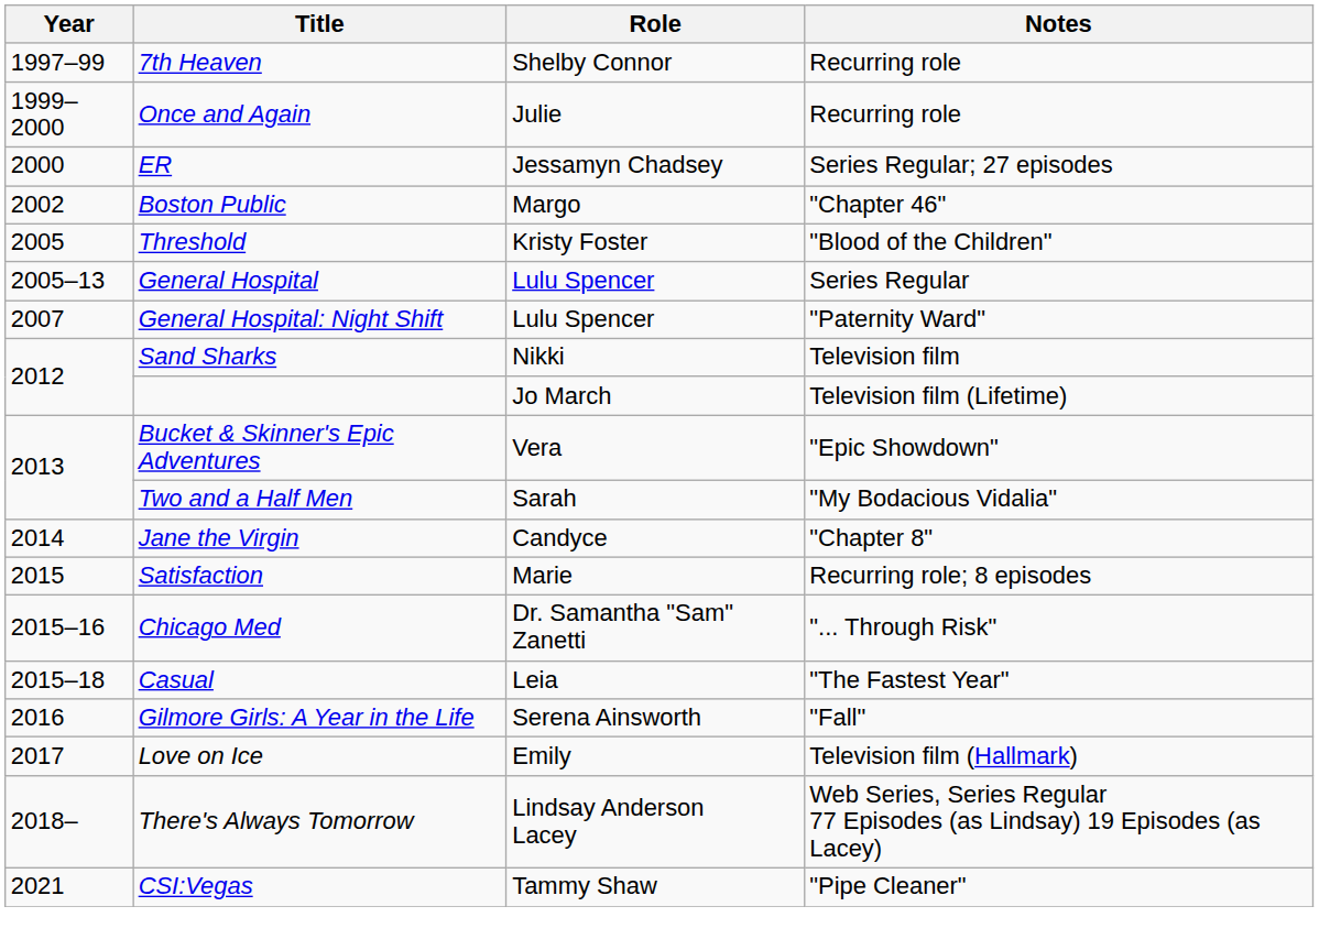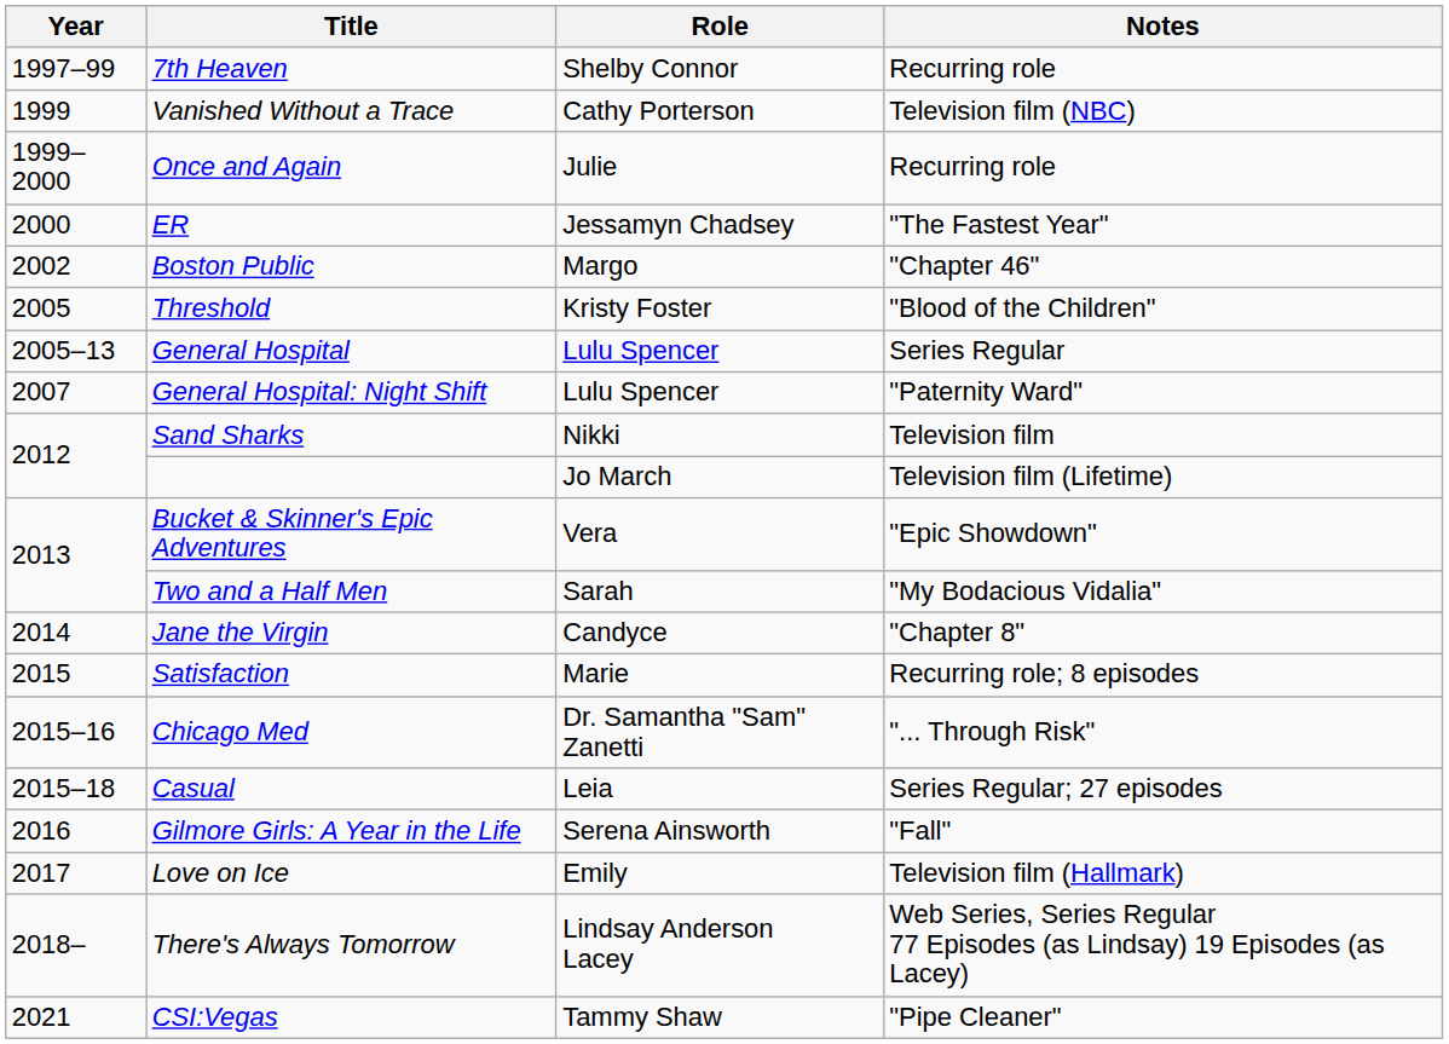 <table class="wikitable sortable">
 <tr>
 <th>Year</th>
 <th>Title</th>
 <th>Role</th>
 <th class="unsortable">Notes</th>
 </tr>
 <tr>
 <td>1997–99</td>
 <td><em><a href='#'>7th Heaven</a></em></td>
 <td>Shelby Connor</td>
 <td>Recurring role</td>
 </tr>
 <tr>
+<td>1999</td>
+<td><em>Vanished Without a Trace</em></td>
+<td>Cathy Porterson</td>
+<td>Television film (<a href='#'>NBC</a>)</td>
+</tr>
+<tr>
 <td>1999–2000</td>
 <td><em><a href='#'>Once and Again</a></em></td>
 <td>Julie</td>
 <td>Recurring role</td>
 </tr>
 <tr>
 <td>2000</td>
 <td><em><a href='#'>ER</a></em></td>
 <td>Jessamyn Chadsey</td>
-<td>Series Regular; 27 episodes</td>
+<td>"The Fastest Year"</td>
 </tr>
 <tr>
 <td>2002</td>
 <td><em><a href='#'>Boston Public</a></em></td>
 <td>Margo</td>
 <td>"Chapter 46"</td>
 </tr>
 <tr>
 <td>2005</td>
 <td><em><a href='#'>Threshold</a></em></td>
 <td>Kristy Foster</td>
 <td>"Blood of the Children"</td>
 </tr>
 <tr>
 <td>2005–13</td>
 <td><em><a href='#'>General Hospital</a></em></td>
 <td><a href='#'>Lulu Spencer</a></td>
 <td>Series Regular</td>
 </tr>
 <tr>
 <td>2007</td>
 <td><em><a href='#'>General Hospital: Night Shift</a></em></td>
 <td>Lulu Spencer</td>
 <td>"Paternity Ward"</td>
 </tr>
 <tr>
 <td rowspan="2">2012</td>
 <td><em><a href='#'>Sand Sharks</a></em></td>
 <td>Nikki</td>
 <td>Television film</td>
 </tr>
 <tr>
 <td><em></em></td>
 <td>Jo March</td>
 <td>Television film (Lifetime)</td>
 </tr>
 <tr>
 <td rowspan="2">2013</td>
 <td><em><a href='#'>Bucket & Skinner's Epic Adventures</a></em></td>
 <td>Vera</td>
 <td>"Epic Showdown"</td>
 </tr>
 <tr>
 <td><em><a href='#'>Two and a Half Men</a></em></td>
 <td>Sarah</td>
 <td>"My Bodacious Vidalia"</td>
 </tr>
 <tr>
 <td>2014</td>
 <td><em><a href='#'>Jane the Virgin</a></em></td>
 <td>Candyce</td>
 <td>"Chapter 8"</td>
 </tr>
 <tr>
 <td>2015</td>
 <td><em><a href='#'>Satisfaction</a></em></td>
 <td>Marie</td>
 <td>Recurring role; 8 episodes</td>
 </tr>
 <tr>
 <td>2015–16</td>
 <td><em><a href='#'>Chicago Med</a></em></td>
 <td>Dr. Samantha "Sam" Zanetti</td>
 <td>"... Through Risk"</td>
 </tr>
 <tr>
 <td>2015–18</td>
 <td><em><a href='#'>Casual</a></em></td>
 <td>Leia</td>
-<td>"The Fastest Year"</td>
+<td>Series Regular; 27 episodes</td>
 </tr>
 <tr>
 <td>2016</td>
 <td><em><a href='#'>Gilmore Girls: A Year in the Life</a></em></td>
 <td>Serena Ainsworth</td>
 <td>"Fall"</td>
 </tr>
 <tr>
 <td>2017</td>
 <td><em>Love on Ice</em></td>
 <td>Emily</td>
 <td>Television film (<a href='#'>Hallmark</a>)</td>
 </tr>
 <tr>
 <td>2018–</td>
 <td><em>There's Always Tomorrow</em></td>
 <td>Lindsay Anderson<br>Lacey</td>
 <td>Web Series, Series Regular<br>77 Episodes (as Lindsay) 19 Episodes (as Lacey)</td>
 </tr>
 <tr>
 <td>2021</td>
 <td><em><a href='#'>CSI:Vegas</a></em></td>
 <td>Tammy Shaw</td>
 <td>"Pipe Cleaner"</td>
 </tr>
 </table>
